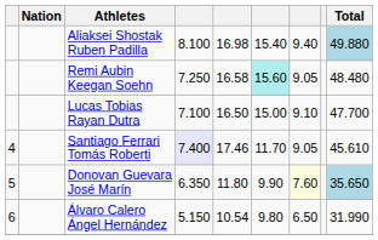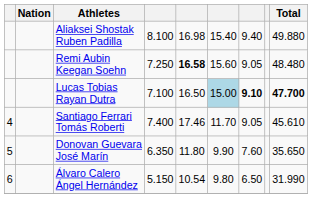 <table class="wikitable sortable" style="text-align:center; font-size:95%">
 <tr>
 <th></th>
 <th>Nation</th>
 <th>Athletes</th>
 <th></th>
 <th></th>
 <th></th>
 <th></th>
 <th></th>
 <th>Total</th>
 </tr>
 <tr>
 <td></td>
 <td align=left></td>
 <td align=left><a href='#'>Aliaksei Shostak</a><br><a href='#'>Ruben Padilla</a></td>
 <td>8.100</td>
 <td>16.98</td>
 <td>15.40</td>
 <td>9.40</td>
 <td></td>
-<td style="background: lightblue;">49.880</td>
+<td>49.880</td>
 </tr>
 <tr>
 <td></td>
 <td align=left></td>
 <td align=left><a href='#'>Remi Aubin</a><br><a href='#'>Keegan Soehn</a></td>
 <td>7.250</td>
-<td>16.58</td>
-<td style="background: paleturquoise;">15.60</td>
+<td><strong>16.58</strong></td>
+<td>15.60</td>
 <td>9.05</td>
 <td></td>
 <td>48.480</td>
 </tr>
 <tr>
 <td></td>
 <td align=left></td>
 <td align=left><a href='#'>Lucas Tobias</a><br><a href='#'>Rayan Dutra</a></td>
 <td>7.100</td>
 <td>16.50</td>
-<td>15.00</td>
-<td>9.10</td>
+<td style="background: lightblue;">15.00</td>
+<td><strong>9.10</strong></td>
 <td></td>
-<td>47.700</td>
+<td><strong>47.700</strong></td>
 </tr>
 <tr>
 <td>4</td>
 <td align=left></td>
 <td align=left><a href='#'>Santiago Ferrari</a><br><a href='#'>Tomás Roberti</a></td>
-<td style="background: lavender;">7.400</td>
+<td>7.400</td>
 <td>17.46</td>
 <td>11.70</td>
 <td>9.05</td>
 <td></td>
 <td>45.610</td>
 </tr>
 <tr>
 <td>5</td>
 <td align=left></td>
 <td align=left><a href='#'>Donovan Guevara</a><br><a href='#'>José Marín</a></td>
 <td>6.350</td>
 <td>11.80</td>
 <td>9.90</td>
-<td style="background: lightyellow;">7.60</td>
+<td>7.60</td>
 <td></td>
-<td style="background: lightblue;">35.650</td>
+<td>35.650</td>
 </tr>
 <tr>
 <td>6</td>
 <td align=left></td>
 <td align=left><a href='#'>Álvaro Calero</a><br><a href='#'>Ángel Hernández</a></td>
 <td>5.150</td>
 <td>10.54</td>
 <td>9.80</td>
 <td>6.50</td>
 <td></td>
 <td>31.990</td>
 </tr>
 <tr>
 </tr>
 </table>
